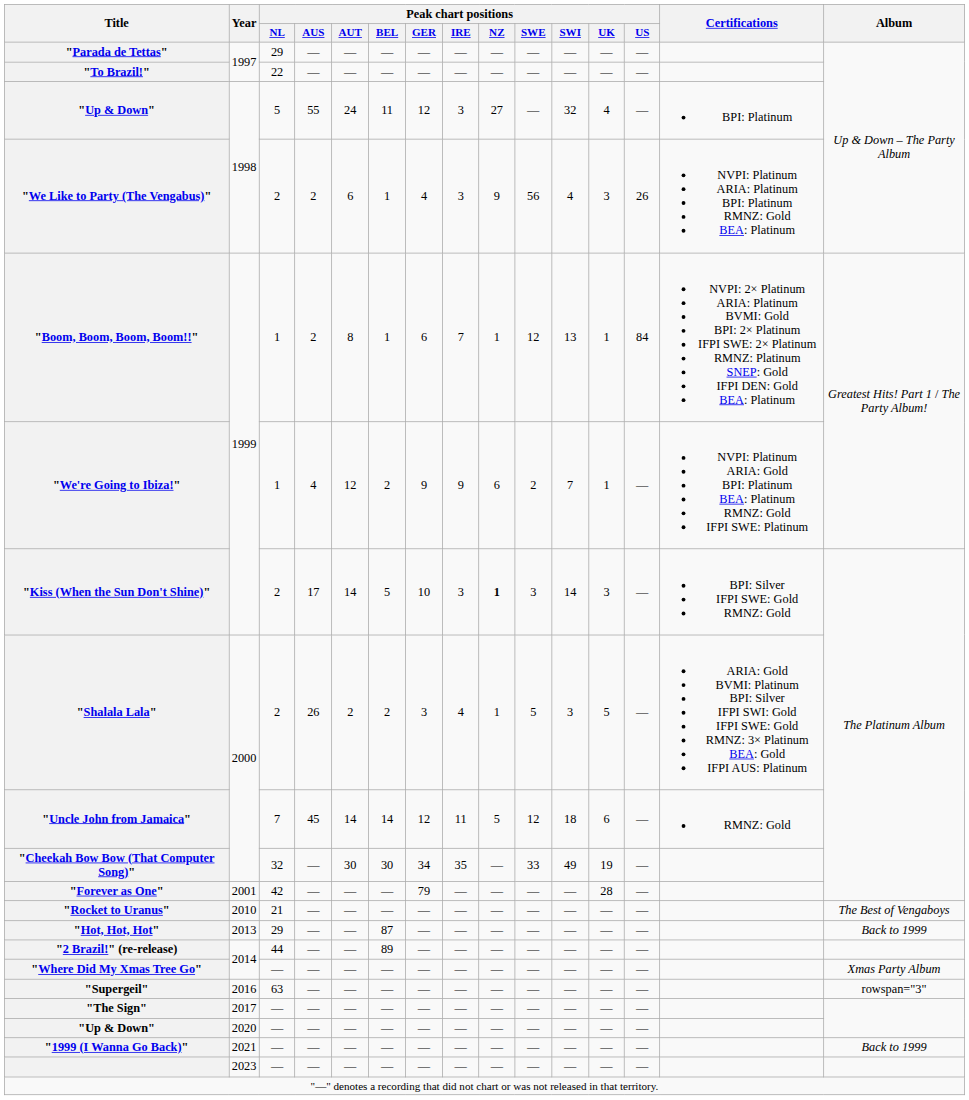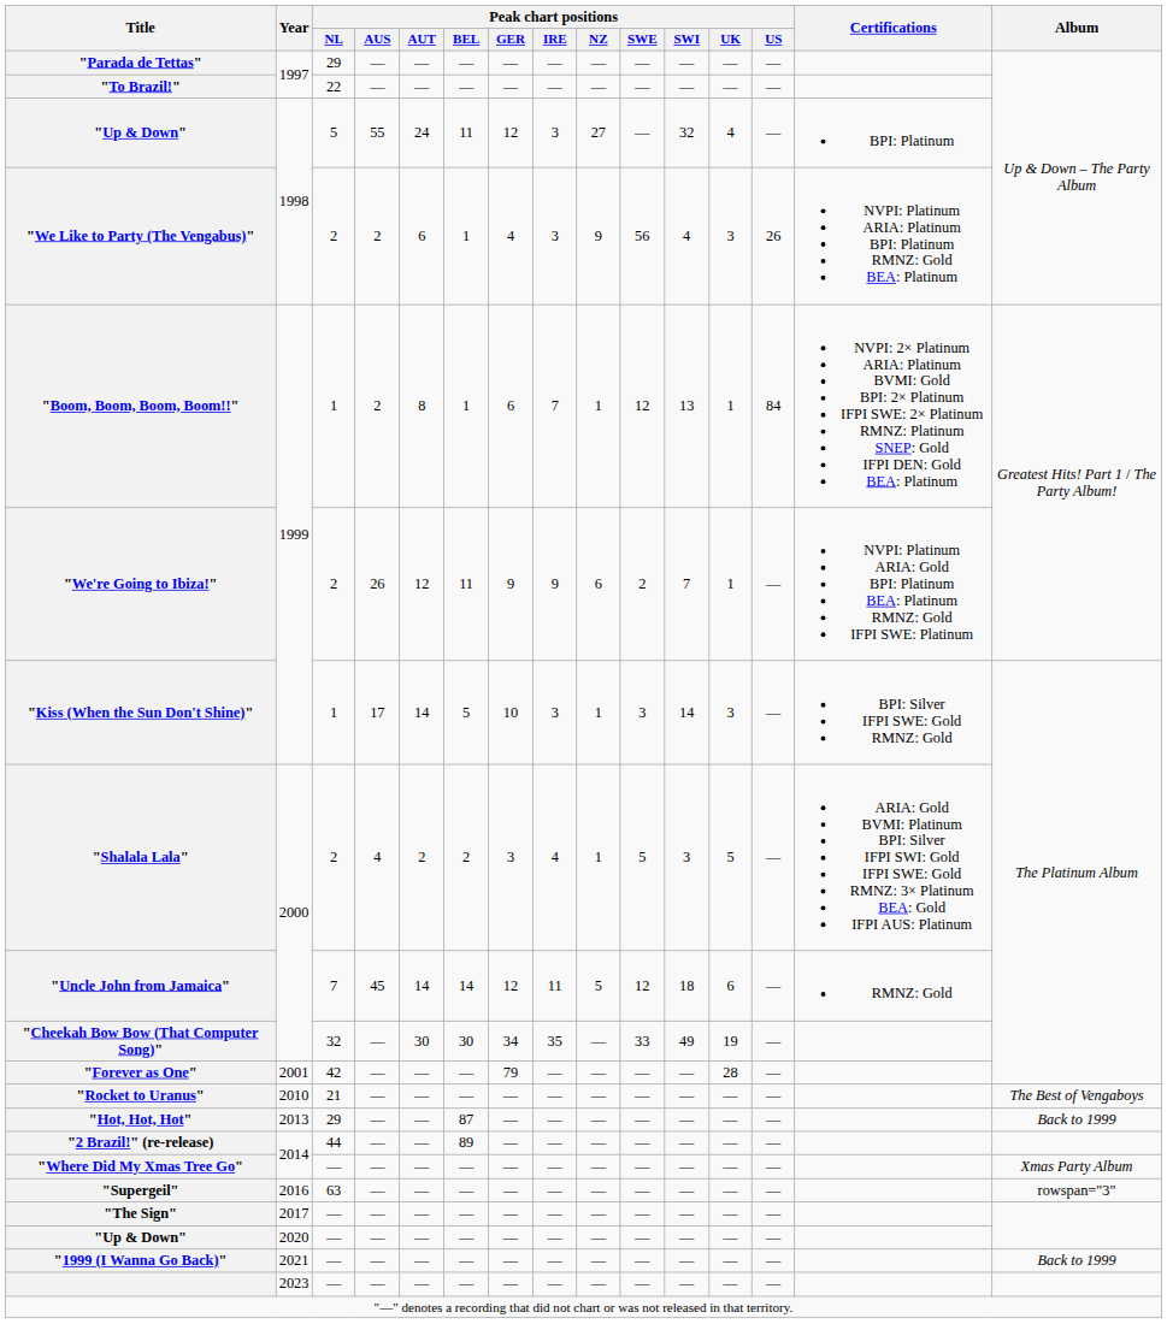 <table class="wikitable plainrowheaders" style="text-align:center;">
 <tr>
 <th scope="col" rowspan="2" style="width:20em;">Title</th>
 <th scope="col" rowspan="2">Year</th>
 <th scope="col" colspan="11">Peak chart positions</th>
 <th scope="col" rowspan="2" style="width:14em;"><a href='#'>Certifications</a></th>
 <th scope="col" rowspan="2" style="width:12em;">Album</th>
 </tr>
 <tr>
 <th style="width:3em;font-size:90%"><a href='#'>NL</a><br></th>
 <th style="width:3em;font-size:90%"><a href='#'>AUS</a><br></th>
 <th style="width:3em;font-size:90%"><a href='#'>AUT</a><br></th>
 <th style="width:3em;font-size:90%"><a href='#'>BEL</a><br></th>
 <th style="width:3em;font-size:90%"><a href='#'>GER</a><br></th>
 <th style="width:3em;font-size:90%"><a href='#'>IRE</a><br></th>
 <th style="width:3em;font-size:90%"><a href='#'>NZ</a><br></th>
 <th style="width:3em;font-size:90%"><a href='#'>SWE</a><br></th>
 <th style="width:3em;font-size:90%"><a href='#'>SWI</a><br></th>
 <th style="width:3em;font-size:90%"><a href='#'>UK</a><br></th>
 <th style="width:3em;font-size:90%"><a href='#'>US</a><br></th>
 </tr>
 <tr>
 <th scope="row">"<a href='#'>Parada de Tettas</a>"</th>
 <td rowspan="2">1997</td>
 <td>29</td>
 <td>—</td>
 <td>—</td>
 <td>—</td>
 <td>—</td>
 <td>—</td>
 <td>—</td>
 <td>—</td>
 <td>—</td>
 <td>—</td>
 <td>—</td>
 <td></td>
 <td rowspan="4"><em>Up & Down – The Party Album</em></td>
 </tr>
 <tr>
 <th scope="row">"<a href='#'>To Brazil!</a>"</th>
 <td>22</td>
 <td>—</td>
 <td>—</td>
 <td>—</td>
 <td>—</td>
 <td>—</td>
 <td>—</td>
 <td>—</td>
 <td>—</td>
 <td>—</td>
 <td>—</td>
 <td></td>
 </tr>
 <tr>
 <th scope="row">"<a href='#'>Up & Down</a>"</th>
 <td rowspan="2">1998</td>
 <td>5</td>
 <td>55</td>
 <td>24</td>
 <td>11</td>
 <td>12</td>
 <td>3</td>
 <td>27</td>
 <td>—</td>
 <td>32</td>
 <td>4</td>
 <td>—</td>
 <td><br><ul><li>BPI: Platinum</li></ul></td>
 </tr>
 <tr>
 <th scope="row">"<a href='#'>We Like to Party (The Vengabus)</a>"</th>
 <td>2</td>
 <td>2</td>
 <td>6</td>
 <td>1</td>
 <td>4</td>
 <td>3</td>
 <td>9</td>
 <td>56</td>
 <td>4</td>
 <td>3</td>
 <td>26</td>
 <td><br><ul><li>NVPI: Platinum</li><li>ARIA: Platinum</li><li>BPI: Platinum</li><li>RMNZ: Gold</li><li><a href='#'>BEA</a>: Platinum</li></ul></td>
 </tr>
 <tr>
 <th scope="row">"<a href='#'>Boom, Boom, Boom, Boom!&excl;</a>"</th>
 <td rowspan="3">1999</td>
 <td>1</td>
 <td>2</td>
 <td>8</td>
 <td>1</td>
 <td>6</td>
 <td>7</td>
 <td>1</td>
 <td>12</td>
 <td>13</td>
 <td>1</td>
 <td>84</td>
 <td><br><ul><li>NVPI: 2× Platinum</li><li>ARIA: Platinum</li><li>BVMI: Gold</li><li>BPI: 2× Platinum</li><li>IFPI SWE: 2× Platinum</li><li>RMNZ: Platinum</li><li><a href='#'>SNEP</a>: Gold</li><li>IFPI DEN: Gold</li><li><a href='#'>BEA</a>: Platinum</li></ul></td>
 <td rowspan="2"><em>Greatest Hits! Part 1</em> / <em>The Party Album!</em></td>
 </tr>
 <tr>
 <th scope="row">"<a href='#'>We're Going to Ibiza!</a>"</th>
-<td>1</td>
-<td>4</td>
+<td>2</td>
+<td>26</td>
 <td>12</td>
-<td>2</td>
+<td>11</td>
 <td>9</td>
 <td>9</td>
 <td>6</td>
 <td>2</td>
 <td>7</td>
 <td>1</td>
 <td>—</td>
 <td><br><ul><li>NVPI: Platinum</li><li>ARIA: Gold</li><li>BPI: Platinum</li><li><a href='#'>BEA</a>: Platinum</li><li>RMNZ: Gold</li><li>IFPI SWE: Platinum</li></ul></td>
 </tr>
 <tr>
 <th scope="row">"<a href='#'>Kiss (When the Sun Don't Shine)</a>"</th>
-<td>2</td>
+<td>1</td>
 <td>17</td>
 <td>14</td>
 <td>5</td>
 <td>10</td>
 <td>3</td>
-<td><strong>1</strong></td>
+<td>1</td>
 <td>3</td>
 <td>14</td>
 <td>3</td>
 <td>—</td>
 <td><br><ul><li>BPI: Silver</li><li>IFPI SWE: Gold</li><li>RMNZ: Gold</li></ul></td>
 <td rowspan="5"><em>The Platinum Album</em></td>
 </tr>
 <tr>
 <th scope="row">"<a href='#'>Shalala Lala</a>"</th>
 <td rowspan="3">2000</td>
 <td>2</td>
-<td>26</td>
+<td>4</td>
 <td>2</td>
 <td>2</td>
 <td>3</td>
 <td>4</td>
 <td>1</td>
 <td>5</td>
 <td>3</td>
 <td>5</td>
 <td>—</td>
 <td><br><ul><li>ARIA: Gold</li><li>BVMI: Platinum</li><li>BPI: Silver</li><li>IFPI SWI: Gold</li><li>IFPI SWE: Gold</li><li>RMNZ: 3× Platinum</li><li><a href='#'>BEA</a>: Gold</li><li>IFPI AUS: Platinum</li></ul></td>
 </tr>
 <tr>
 <th scope="row">"<a href='#'>Uncle John from Jamaica</a>"</th>
 <td>7</td>
 <td>45</td>
 <td>14</td>
 <td>14</td>
 <td>12</td>
 <td>11</td>
 <td>5</td>
 <td>12</td>
 <td>18</td>
 <td>6</td>
 <td>—</td>
 <td><br><ul><li>RMNZ: Gold</li></ul></td>
 </tr>
 <tr>
 <th scope="row">"<a href='#'>Cheekah Bow Bow (That Computer Song)</a>"<br></th>
 <td>32</td>
 <td>—</td>
 <td>30</td>
 <td>30</td>
 <td>34</td>
 <td>35</td>
 <td>—</td>
 <td>33</td>
 <td>49</td>
 <td>19</td>
 <td>—</td>
 <td></td>
 </tr>
 <tr>
 <th scope="row">"<a href='#'>Forever as One</a>"</th>
 <td>2001</td>
 <td>42</td>
 <td>—</td>
 <td>—</td>
 <td>—</td>
 <td>79</td>
 <td>—</td>
 <td>—</td>
 <td>—</td>
 <td>—</td>
 <td>28</td>
 <td>—</td>
 <td></td>
 </tr>
 <tr>
 <th scope="row">"<a href='#'>Rocket to Uranus</a>"<br></th>
 <td>2010</td>
 <td>21</td>
 <td>—</td>
 <td>—</td>
 <td>—</td>
 <td>—</td>
 <td>—</td>
 <td>—</td>
 <td>—</td>
 <td>—</td>
 <td>—</td>
 <td>—</td>
 <td></td>
 <td><em>The Best of Vengaboys</em></td>
 </tr>
 <tr>
 <th scope="row">"<a href='#'>Hot, Hot, Hot</a>"</th>
 <td>2013</td>
 <td>29</td>
 <td>—</td>
 <td>—</td>
 <td>87</td>
 <td>—</td>
 <td>—</td>
 <td>—</td>
 <td>—</td>
 <td>—</td>
 <td>—</td>
 <td>—</td>
 <td></td>
 <td><em>Back to 1999</em></td>
 </tr>
 <tr>
 <th scope="row">"<a href='#'>2 Brazil!</a>" (re-release)</th>
 <td rowspan="2">2014</td>
 <td>44</td>
 <td>—</td>
 <td>—</td>
 <td>89</td>
 <td>—</td>
 <td>—</td>
 <td>—</td>
 <td>—</td>
 <td>—</td>
 <td>—</td>
 <td>—</td>
 <td></td>
 </tr>
 <tr>
 <th scope="row">"<a href='#'>Where Did My Xmas Tree Go</a>"</th>
 <td>—</td>
 <td>—</td>
 <td>—</td>
 <td>—</td>
 <td>—</td>
 <td>—</td>
 <td>—</td>
 <td>—</td>
 <td>—</td>
 <td>—</td>
 <td>—</td>
 <td></td>
 <td><em>Xmas Party Album</em></td>
 </tr>
 <tr>
 <th scope="row">"Supergeil"<br> </th>
 <td>2016</td>
 <td>63</td>
 <td>—</td>
 <td>—</td>
 <td>—</td>
 <td>—</td>
 <td>—</td>
 <td>—</td>
 <td>—</td>
 <td>—</td>
 <td>—</td>
 <td>—</td>
 <td></td>
 <td>rowspan="3" </td>
 </tr>
 <tr>
 <th scope="row">"The Sign" <br></th>
 <td>2017</td>
 <td>—</td>
 <td>—</td>
 <td>—</td>
 <td>—</td>
 <td>—</td>
 <td>—</td>
 <td>—</td>
 <td>—</td>
 <td>—</td>
 <td>—</td>
 <td>—</td>
 <td></td>
 </tr>
 <tr>
 <th scope="row">"Up & Down" <br></th>
 <td>2020</td>
 <td>—</td>
 <td>—</td>
 <td>—</td>
 <td>—</td>
 <td>—</td>
 <td>—</td>
 <td>—</td>
 <td>—</td>
 <td>—</td>
 <td>—</td>
 <td>—</td>
 <td></td>
 </tr>
 <tr>
 <th scope="row">"<a href='#'>1999 (I Wanna Go Back)</a>"</th>
 <td>2021</td>
 <td>—</td>
 <td>—</td>
 <td>—</td>
 <td>—</td>
 <td>—</td>
 <td>—</td>
 <td>—</td>
 <td>—</td>
 <td>—</td>
 <td>—</td>
 <td>—</td>
 <td></td>
 <td><em>Back to 1999</em></td>
 </tr>
 <tr>
 <th scope="row"><br> </th>
 <td>2023</td>
 <td>—</td>
 <td>—</td>
 <td>—</td>
 <td>—</td>
 <td>—</td>
 <td>—</td>
 <td>—</td>
 <td>—</td>
 <td>—</td>
 <td>—</td>
 <td>—</td>
 <td></td>
 <td></td>
 </tr>
 <tr>
 <td colspan="15" style="font-size:90%">"—" denotes a recording that did not chart or was not released in that territory.</td>
 </tr>
 </table>
